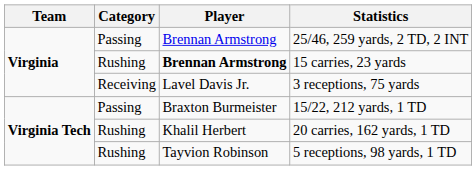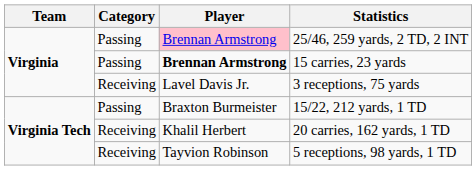 <table class="wikitable" style="float: left;">
 <tr>
 <th>Team</th>
 <th>Category</th>
 <th>Player</th>
 <th>Statistics</th>
 </tr>
 <tr>
 <td rowspan=3><strong>Virginia</strong></td>
 <td>Passing</td>
-<td><a href='#'>Brennan Armstrong</a></td>
+<td style="background: pink;"><a href='#'>Brennan Armstrong</a></td>
 <td>25/46, 259 yards, 2 TD, 2 INT</td>
 </tr>
 <tr>
-<td>Rushing</td>
+<td>Passing</td>
 <td><strong>Brennan Armstrong</strong></td>
 <td>15 carries, 23 yards</td>
 </tr>
 <tr>
 <td>Receiving</td>
 <td>Lavel Davis Jr.</td>
 <td>3 receptions, 75 yards</td>
 </tr>
 <tr>
 <td rowspan=3><strong>Virginia Tech</strong></td>
 <td>Passing</td>
 <td>Braxton Burmeister</td>
 <td>15/22, 212 yards, 1 TD</td>
 </tr>
 <tr>
-<td>Rushing</td>
+<td>Receiving</td>
 <td>Khalil Herbert</td>
 <td>20 carries, 162 yards, 1 TD</td>
 </tr>
 <tr>
-<td>Rushing</td>
+<td>Receiving</td>
 <td>Tayvion Robinson</td>
 <td>5 receptions, 98 yards, 1 TD</td>
 </tr>
 </table>
